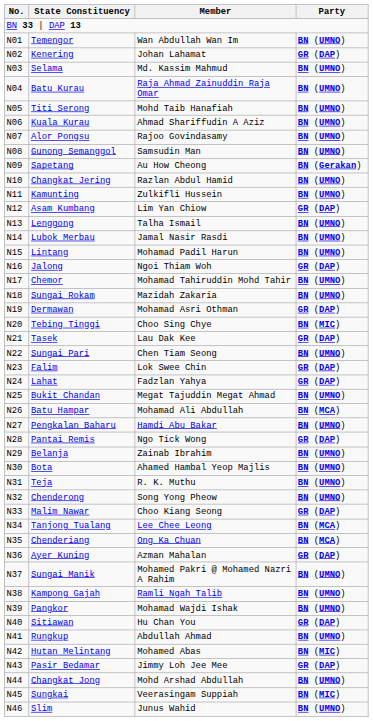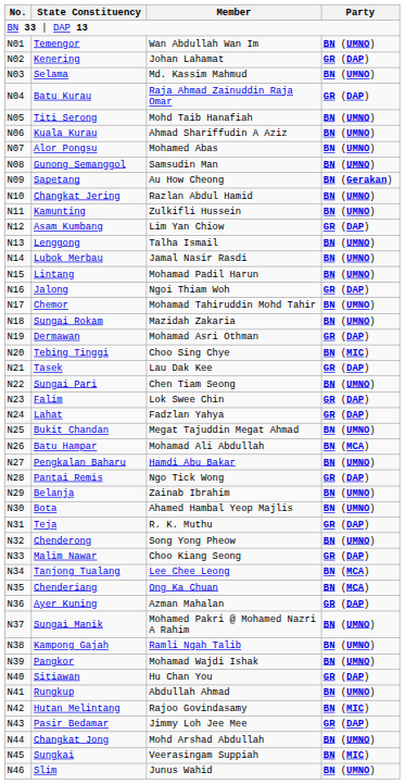 <table class="wikitable sortable">
 <tr>
 <th style="width:30px;">No.</th>
 <th style="width:150px;">State Constituency</th>
 <th style="width:230px;">Member</th>
 <th style="width:100px;">Party</th>
 </tr>
 <tr>
 <td colspan="4"><a href='#'>BN</a> <strong>33</strong> | <a href='#'>DAP</a> <strong>13</strong></td>
 </tr>
 <tr>
 <td>N01</td>
 <td><a href='#'>Temengor</a></td>
 <td>Wan Abdullah Wan Im</td>
 <td><strong><a href='#'>BN</a></strong> (<strong><a href='#'>UMNO</a></strong>)</td>
 </tr>
 <tr>
 <td>N02</td>
 <td><a href='#'>Kenering</a></td>
 <td>Johan Lahamat</td>
 <td><strong><a href='#'>GR</a></strong> (<strong><a href='#'>DAP</a></strong>)</td>
 </tr>
 <tr>
 <td>N03</td>
 <td><a href='#'>Selama</a></td>
 <td>Md. Kassim Mahmud</td>
 <td><strong><a href='#'>BN</a></strong> (<strong><a href='#'>UMNO</a></strong>)</td>
 </tr>
 <tr>
 <td>N04</td>
 <td><a href='#'>Batu Kurau</a></td>
 <td><a href='#'>Raja Ahmad Zainuddin Raja Omar</a></td>
-<td><strong><a href='#'>BN</a></strong> (<strong><a href='#'>UMNO</a></strong>)</td>
+<td><strong><a href='#'>GR</a></strong> (<strong><a href='#'>DAP</a></strong>)</td>
 </tr>
 <tr>
 <td>N05</td>
 <td><a href='#'>Titi Serong</a></td>
 <td>Mohd Taib Hanafiah</td>
 <td><strong><a href='#'>BN</a></strong> (<strong><a href='#'>UMNO</a></strong>)</td>
 </tr>
 <tr>
 <td>N06</td>
 <td><a href='#'>Kuala Kurau</a></td>
 <td>Ahmad Shariffudin A Aziz</td>
 <td><strong><a href='#'>BN</a></strong> (<strong><a href='#'>UMNO</a></strong>)</td>
 </tr>
 <tr>
 <td>N07</td>
 <td><a href='#'>Alor Pongsu</a></td>
-<td>Rajoo Govindasamy</td>
+<td>Mohamed Abas</td>
 <td><strong><a href='#'>BN</a></strong> (<strong><a href='#'>UMNO</a></strong>)</td>
 </tr>
 <tr>
 <td>N08</td>
 <td><a href='#'>Gunong Semanggol</a></td>
 <td>Samsudin Man</td>
 <td><strong><a href='#'>BN</a></strong> (<strong><a href='#'>UMNO</a></strong>)</td>
 </tr>
 <tr>
 <td>N09</td>
 <td><a href='#'>Sapetang</a></td>
 <td>Au How Cheong</td>
 <td><strong><a href='#'>BN</a></strong> (<strong><a href='#'>Gerakan</a></strong>)</td>
 </tr>
 <tr>
 <td>N10</td>
 <td><a href='#'>Changkat Jering</a></td>
 <td>Razlan Abdul Hamid</td>
 <td><strong><a href='#'>BN</a></strong> (<strong><a href='#'>UMNO</a></strong>)</td>
 </tr>
 <tr>
 <td>N11</td>
 <td><a href='#'>Kamunting</a></td>
 <td>Zulkifli Hussein</td>
 <td><strong><a href='#'>BN</a></strong> (<strong><a href='#'>UMNO</a></strong>)</td>
 </tr>
 <tr>
 <td>N12</td>
 <td><a href='#'>Asam Kumbang</a></td>
 <td>Lim Yan Chiow</td>
 <td><strong><a href='#'>GR</a></strong> (<strong><a href='#'>DAP</a></strong>)</td>
 </tr>
 <tr>
 <td>N13</td>
 <td><a href='#'>Lenggong</a></td>
 <td>Talha Ismail</td>
 <td><strong><a href='#'>BN</a></strong> (<strong><a href='#'>UMNO</a></strong>)</td>
 </tr>
 <tr>
 <td>N14</td>
 <td><a href='#'>Lubok Merbau</a></td>
 <td>Jamal Nasir Rasdi</td>
 <td><strong><a href='#'>BN</a></strong> (<strong><a href='#'>UMNO</a></strong>)</td>
 </tr>
 <tr>
 <td>N15</td>
 <td><a href='#'>Lintang</a></td>
 <td>Mohamad Padil Harun</td>
 <td><strong><a href='#'>BN</a></strong> (<strong><a href='#'>UMNO</a></strong>)</td>
 </tr>
 <tr>
 <td>N16</td>
 <td><a href='#'>Jalong</a></td>
 <td>Ngoi Thiam Woh</td>
 <td><strong><a href='#'>GR</a></strong> (<strong><a href='#'>DAP</a></strong>)</td>
 </tr>
 <tr>
 <td>N17</td>
 <td><a href='#'>Chemor</a></td>
 <td>Mohamad Tahiruddin Mohd Tahir</td>
 <td><strong><a href='#'>BN</a></strong> (<strong><a href='#'>UMNO</a></strong>)</td>
 </tr>
 <tr>
 <td>N18</td>
 <td><a href='#'>Sungai Rokam</a></td>
 <td>Mazidah Zakaria</td>
 <td><strong><a href='#'>BN</a></strong> (<strong><a href='#'>UMNO</a></strong>)</td>
 </tr>
 <tr>
 <td>N19</td>
 <td><a href='#'>Dermawan</a></td>
 <td>Mohamad Asri Othman</td>
 <td><strong><a href='#'>GR</a></strong> (<strong><a href='#'>DAP</a></strong>)</td>
 </tr>
 <tr>
 <td>N20</td>
 <td><a href='#'>Tebing Tinggi</a></td>
 <td>Choo Sing Chye</td>
 <td><strong><a href='#'>BN</a></strong> (<strong><a href='#'>MIC</a></strong>)</td>
 </tr>
 <tr>
 <td>N21</td>
 <td><a href='#'>Tasek</a></td>
 <td>Lau Dak Kee</td>
 <td><strong><a href='#'>GR</a></strong> (<strong><a href='#'>DAP</a></strong>)</td>
 </tr>
 <tr>
 <td>N22</td>
 <td><a href='#'>Sungai Pari</a></td>
 <td>Chen Tiam Seong</td>
 <td><strong><a href='#'>BN</a></strong> (<strong><a href='#'>UMNO</a></strong>)</td>
 </tr>
 <tr>
 <td>N23</td>
 <td><a href='#'>Falim</a></td>
 <td>Lok Swee Chin</td>
 <td><strong><a href='#'>GR</a></strong> (<strong><a href='#'>DAP</a></strong>)</td>
 </tr>
 <tr>
 <td>N24</td>
 <td><a href='#'>Lahat</a></td>
 <td>Fadzlan Yahya</td>
 <td><strong><a href='#'>GR</a></strong> (<strong><a href='#'>DAP</a></strong>)</td>
 </tr>
 <tr>
 <td>N25</td>
 <td><a href='#'>Bukit Chandan</a></td>
 <td>Megat Tajuddin Megat Ahmad</td>
 <td><strong><a href='#'>BN</a></strong> (<strong><a href='#'>UMNO</a></strong>)</td>
 </tr>
 <tr>
 <td>N26</td>
 <td><a href='#'>Batu Hampar</a></td>
 <td>Mohamad Ali Abdullah</td>
 <td><strong><a href='#'>BN</a></strong> (<strong><a href='#'>MCA</a></strong>)</td>
 </tr>
 <tr>
 <td>N27</td>
 <td><a href='#'>Pengkalan Baharu</a></td>
 <td><a href='#'>Hamdi Abu Bakar</a></td>
 <td><strong><a href='#'>BN</a></strong> (<strong><a href='#'>UMNO</a></strong>)</td>
 </tr>
 <tr>
 <td>N28</td>
 <td><a href='#'>Pantai Remis</a></td>
 <td>Ngo Tick Wong</td>
 <td><strong><a href='#'>GR</a></strong> (<strong><a href='#'>DAP</a></strong>)</td>
 </tr>
 <tr>
 <td>N29</td>
 <td><a href='#'>Belanja</a></td>
 <td>Zainab Ibrahim</td>
 <td><strong><a href='#'>BN</a></strong> (<strong><a href='#'>UMNO</a></strong>)</td>
 </tr>
 <tr>
 <td>N30</td>
 <td><a href='#'>Bota</a></td>
 <td>Ahamed Hambal Yeop Majlis</td>
 <td><strong><a href='#'>BN</a></strong> (<strong><a href='#'>UMNO</a></strong>)</td>
 </tr>
 <tr>
 <td>N31</td>
 <td><a href='#'>Teja</a></td>
 <td>R. K. Muthu</td>
-<td><strong><a href='#'>BN</a></strong> (<strong><a href='#'>UMNO</a></strong>)</td>
+<td><strong><a href='#'>GR</a></strong> (<strong><a href='#'>DAP</a></strong>)</td>
 </tr>
 <tr>
 <td>N32</td>
 <td><a href='#'>Chenderong</a></td>
 <td>Song Yong Pheow</td>
 <td><strong><a href='#'>BN</a></strong> (<strong><a href='#'>UMNO</a></strong>)</td>
 </tr>
 <tr>
 <td>N33</td>
 <td><a href='#'>Malim Nawar</a></td>
 <td>Choo Kiang Seong</td>
 <td><strong><a href='#'>GR</a></strong> (<strong><a href='#'>DAP</a></strong>)</td>
 </tr>
 <tr>
 <td>N34</td>
 <td><a href='#'>Tanjong Tualang</a></td>
 <td><a href='#'>Lee Chee Leong</a></td>
 <td><strong><a href='#'>BN</a></strong> (<strong><a href='#'>MCA</a></strong>)</td>
 </tr>
 <tr>
 <td>N35</td>
 <td><a href='#'>Chenderiang</a></td>
 <td><a href='#'>Ong Ka Chuan</a></td>
 <td><strong><a href='#'>BN</a></strong> (<strong><a href='#'>MCA</a></strong>)</td>
 </tr>
 <tr>
 <td>N36</td>
 <td><a href='#'>Ayer Kuning</a></td>
 <td>Azman Mahalan</td>
 <td><strong><a href='#'>GR</a></strong> (<strong><a href='#'>DAP</a></strong>)</td>
 </tr>
 <tr>
 <td>N37</td>
 <td><a href='#'>Sungai Manik</a></td>
 <td>Mohamed Pakri @ Mohamed Nazri A Rahim</td>
 <td><strong><a href='#'>BN</a></strong> (<strong><a href='#'>UMNO</a></strong>)</td>
 </tr>
 <tr>
 <td>N38</td>
 <td><a href='#'>Kampong Gajah</a></td>
 <td><a href='#'>Ramli Ngah Talib</a></td>
 <td><strong><a href='#'>BN</a></strong> (<strong><a href='#'>UMNO</a></strong>)</td>
 </tr>
 <tr>
 <td>N39</td>
 <td><a href='#'>Pangkor</a></td>
 <td>Mohamad Wajdi Ishak</td>
 <td><strong><a href='#'>BN</a></strong> (<strong><a href='#'>UMNO</a></strong>)</td>
 </tr>
 <tr>
 <td>N40</td>
 <td><a href='#'>Sitiawan</a></td>
 <td>Hu Chan You</td>
 <td><strong><a href='#'>GR</a></strong> (<strong><a href='#'>DAP</a></strong>)</td>
 </tr>
 <tr>
 <td>N41</td>
 <td><a href='#'>Rungkup</a></td>
 <td>Abdullah Ahmad</td>
 <td><strong><a href='#'>BN</a></strong> (<strong><a href='#'>UMNO</a></strong>)</td>
 </tr>
 <tr>
 <td>N42</td>
 <td><a href='#'>Hutan Melintang</a></td>
-<td>Mohamed Abas</td>
+<td>Rajoo Govindasamy</td>
 <td><strong><a href='#'>BN</a></strong> (<strong><a href='#'>MIC</a></strong>)</td>
 </tr>
 <tr>
 <td>N43</td>
 <td><a href='#'>Pasir Bedamar</a></td>
 <td>Jimmy Loh Jee Mee</td>
 <td><strong><a href='#'>GR</a></strong> (<strong><a href='#'>DAP</a></strong>)</td>
 </tr>
 <tr>
 <td>N44</td>
 <td><a href='#'>Changkat Jong</a></td>
 <td>Mohd Arshad Abdullah</td>
 <td><strong><a href='#'>BN</a></strong> (<strong><a href='#'>UMNO</a></strong>)</td>
 </tr>
 <tr>
 <td>N45</td>
 <td><a href='#'>Sungkai</a></td>
 <td>Veerasingam Suppiah</td>
 <td><strong><a href='#'>BN</a></strong> (<strong><a href='#'>MIC</a></strong>)</td>
 </tr>
 <tr>
 <td>N46</td>
 <td><a href='#'>Slim</a></td>
 <td>Junus Wahid</td>
 <td><strong><a href='#'>BN</a></strong> (<strong><a href='#'>UMNO</a></strong>)</td>
 </tr>
 </table>
